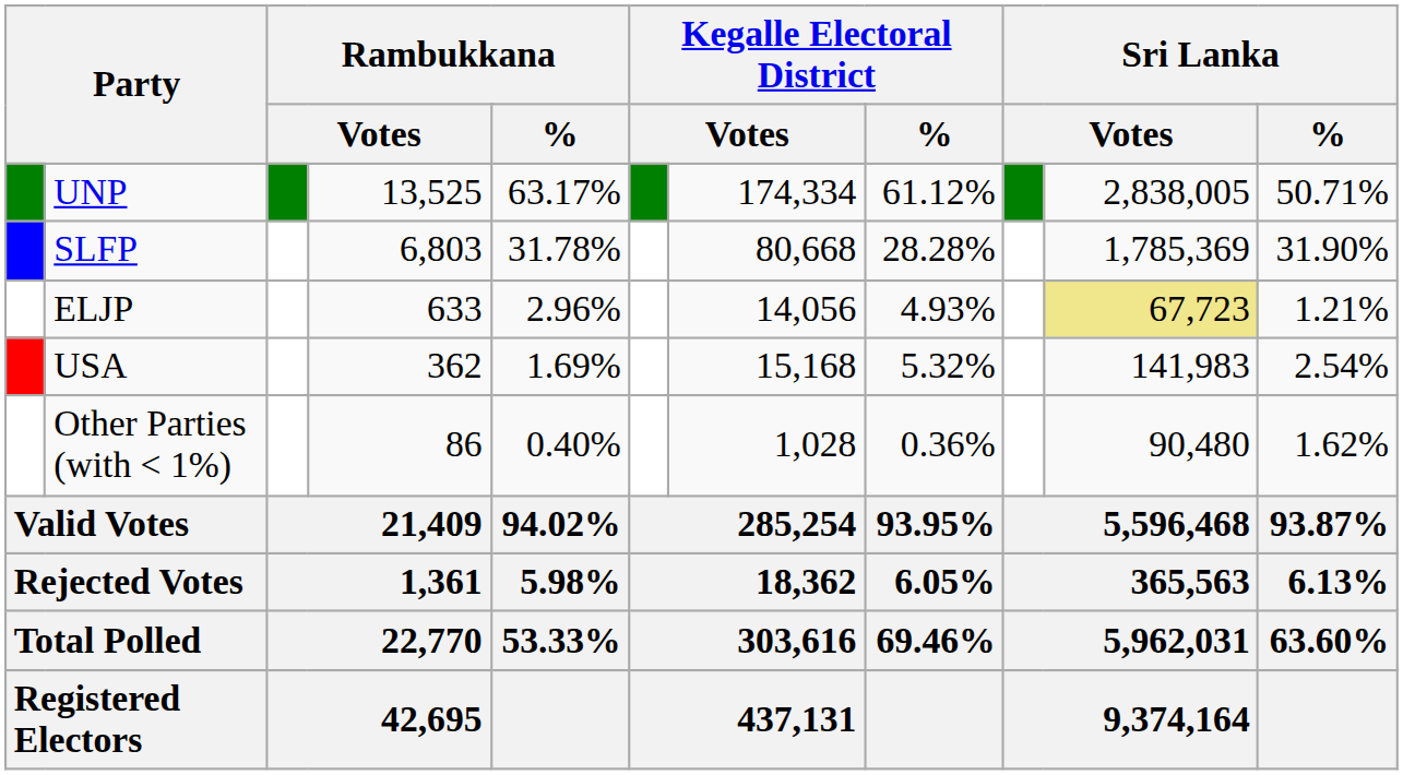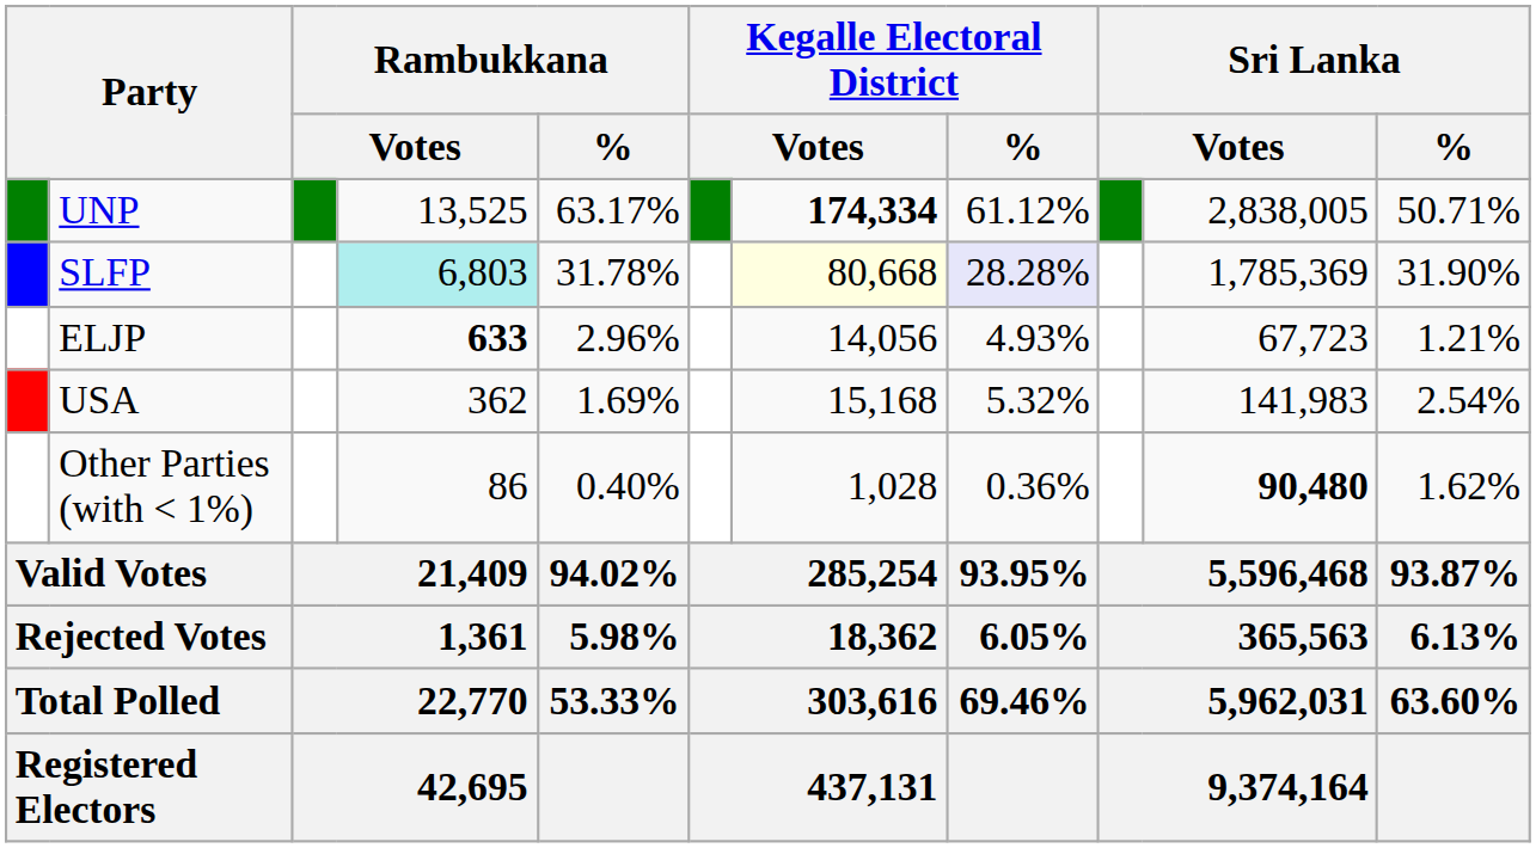 <table class="wikitable">
 <tr>
 <th colspan="2" width="144px"rowspan="2">Party</th>
 <th colspan="3" width="216px">Rambukkana</th>
 <th colspan="3" width="216px"><a href='#'>Kegalle Electoral District</a></th>
 <th colspan="3" width="216px">Sri Lanka</th>
 </tr>
 <tr>
 <th colspan="2" width="144px">Votes</th>
 <th>%</th>
 <th colspan="2" width="144px">Votes</th>
 <th>%</th>
 <th colspan="2" width="144px">Votes</th>
 <th>%</th>
 </tr>
 <tr>
 <td style="background-color:green;" width="10px"></td>
 <td style="text-align:left;"><a href='#'>UNP</a></td>
 <td style="background-color:green;" width="10px"></td>
 <td style="text-align:right;">13,525</td>
 <td style="text-align:right;">63.17%</td>
 <td style="background-color:green;" width="10px"></td>
-<td style="text-align:right;">174,334</td>
+<td style="text-align:right;"><strong>174,334</strong></td>
 <td style="text-align:right;">61.12%</td>
 <td style="background-color:green;" width="10px"></td>
 <td style="text-align:right;">2,838,005</td>
 <td style="text-align:right;">50.71%</td>
 </tr>
 <tr>
 <td style="background-color:blue;" width="10px"></td>
 <td style="text-align:left;"><a href='#'>SLFP</a></td>
 <td style="background-color:white;" width="10px"></td>
-<td style="text-align:right;">6,803</td>
+<td style="background: paleturquoise; text-align:right;">6,803</td>
 <td style="text-align:right;">31.78%</td>
 <td style="background-color:white;" width="10px"></td>
-<td style="text-align:right;">80,668</td>
-<td style="text-align:right;">28.28%</td>
+<td style="background: lightyellow; text-align:right;">80,668</td>
+<td style="background: lavender; text-align:right;">28.28%</td>
 <td style="background-color:white;" width="10px"></td>
 <td style="text-align:right;">1,785,369</td>
 <td style="text-align:right;">31.90%</td>
 </tr>
 <tr>
 <td style="background-color:white;" width="10px"></td>
 <td style="text-align:left;">ELJP</td>
 <td style="background-color:white;" width="10px"></td>
-<td style="text-align:right;">633</td>
+<td style="text-align:right;"><strong>633</strong></td>
 <td style="text-align:right;">2.96%</td>
 <td style="background-color:white;" width="10px"></td>
 <td style="text-align:right;">14,056</td>
 <td style="text-align:right;">4.93%</td>
 <td style="background-color:white;" width="10px"></td>
-<td style="background: khaki; text-align:right;">67,723</td>
+<td style="text-align:right;">67,723</td>
 <td style="text-align:right;">1.21%</td>
 </tr>
 <tr>
 <td style="background-color:red;" width="10px"></td>
 <td style="text-align:left;">USA</td>
 <td style="background-color:white;" width="10px"></td>
 <td style="text-align:right;">362</td>
 <td style="text-align:right;">1.69%</td>
 <td style="background-color:white;" width="10px"></td>
 <td style="text-align:right;">15,168</td>
 <td style="text-align:right;">5.32%</td>
 <td style="background-color:white;" width="10px"></td>
 <td style="text-align:right;">141,983</td>
 <td style="text-align:right;">2.54%</td>
 </tr>
 <tr>
 <td style="background-color:white;" width="10px"></td>
 <td style="text-align:left;">Other Parties (with < 1%)</td>
 <td style="background-color:white;" width="10px"></td>
 <td style="text-align:right;">86</td>
 <td style="text-align:right;">0.40%</td>
 <td style="background-color:white;" width="10px"></td>
 <td style="text-align:right;">1,028</td>
 <td style="text-align:right;">0.36%</td>
 <td style="background-color:white;" width="10px"></td>
-<td style="text-align:right;">90,480</td>
+<td style="text-align:right;"><strong>90,480</strong></td>
 <td style="text-align:right;">1.62%</td>
 </tr>
 <tr>
 <th colspan="2" width="144px"style="text-align:left;">Valid Votes</th>
 <th style="text-align:right;"colspan="2" width="144px">21,409</th>
 <th style="text-align:right;">94.02%</th>
 <th style="text-align:right;"colspan="2" width="144px">285,254</th>
 <th style="text-align:right;">93.95%</th>
 <th style="text-align:right;"colspan="2" width="144px">5,596,468</th>
 <th style="text-align:right;">93.87%</th>
 </tr>
 <tr>
 <th colspan="2" width="144px"style="text-align:left;">Rejected Votes</th>
 <th style="text-align:right;"colspan="2" width="144px">1,361</th>
 <th style="text-align:right;">5.98%</th>
 <th style="text-align:right;"colspan="2" width="144px">18,362</th>
 <th style="text-align:right;">6.05%</th>
 <th style="text-align:right;"colspan="2" width="144px">365,563</th>
 <th style="text-align:right;">6.13%</th>
 </tr>
 <tr>
 <th colspan="2" width="144px"style="text-align:left;">Total Polled</th>
 <th style="text-align:right;"colspan="2" width="144px">22,770</th>
 <th style="text-align:right;">53.33%</th>
 <th style="text-align:right;"colspan="2" width="144px">303,616</th>
 <th style="text-align:right;">69.46%</th>
 <th style="text-align:right;"colspan="2" width="144px">5,962,031</th>
 <th style="text-align:right;">63.60%</th>
 </tr>
 <tr>
 <th colspan="2" width="144px"style="text-align:left;">Registered Electors</th>
 <th style="text-align:right;"colspan="2" width="144px">42,695</th>
 <th></th>
 <th style="text-align:right;"colspan="2" width="144px">437,131</th>
 <th></th>
 <th style="text-align:right;"colspan="2" width="144px">9,374,164</th>
 <th></th>
 </tr>
 </table>
